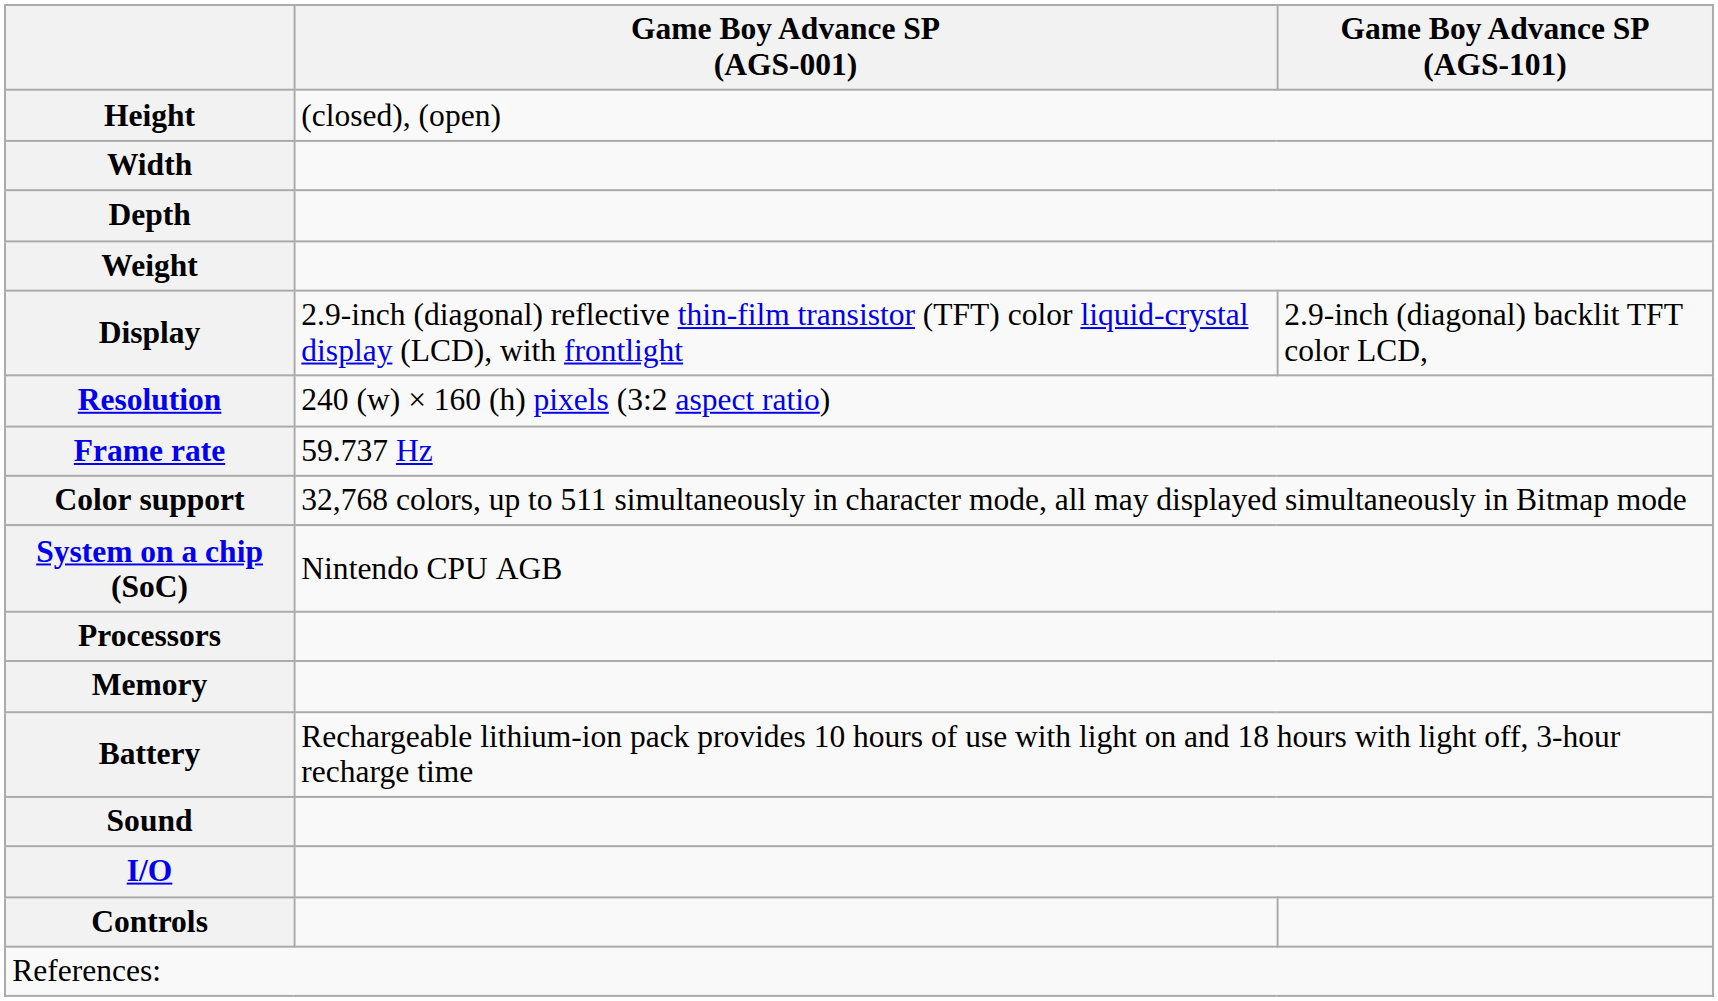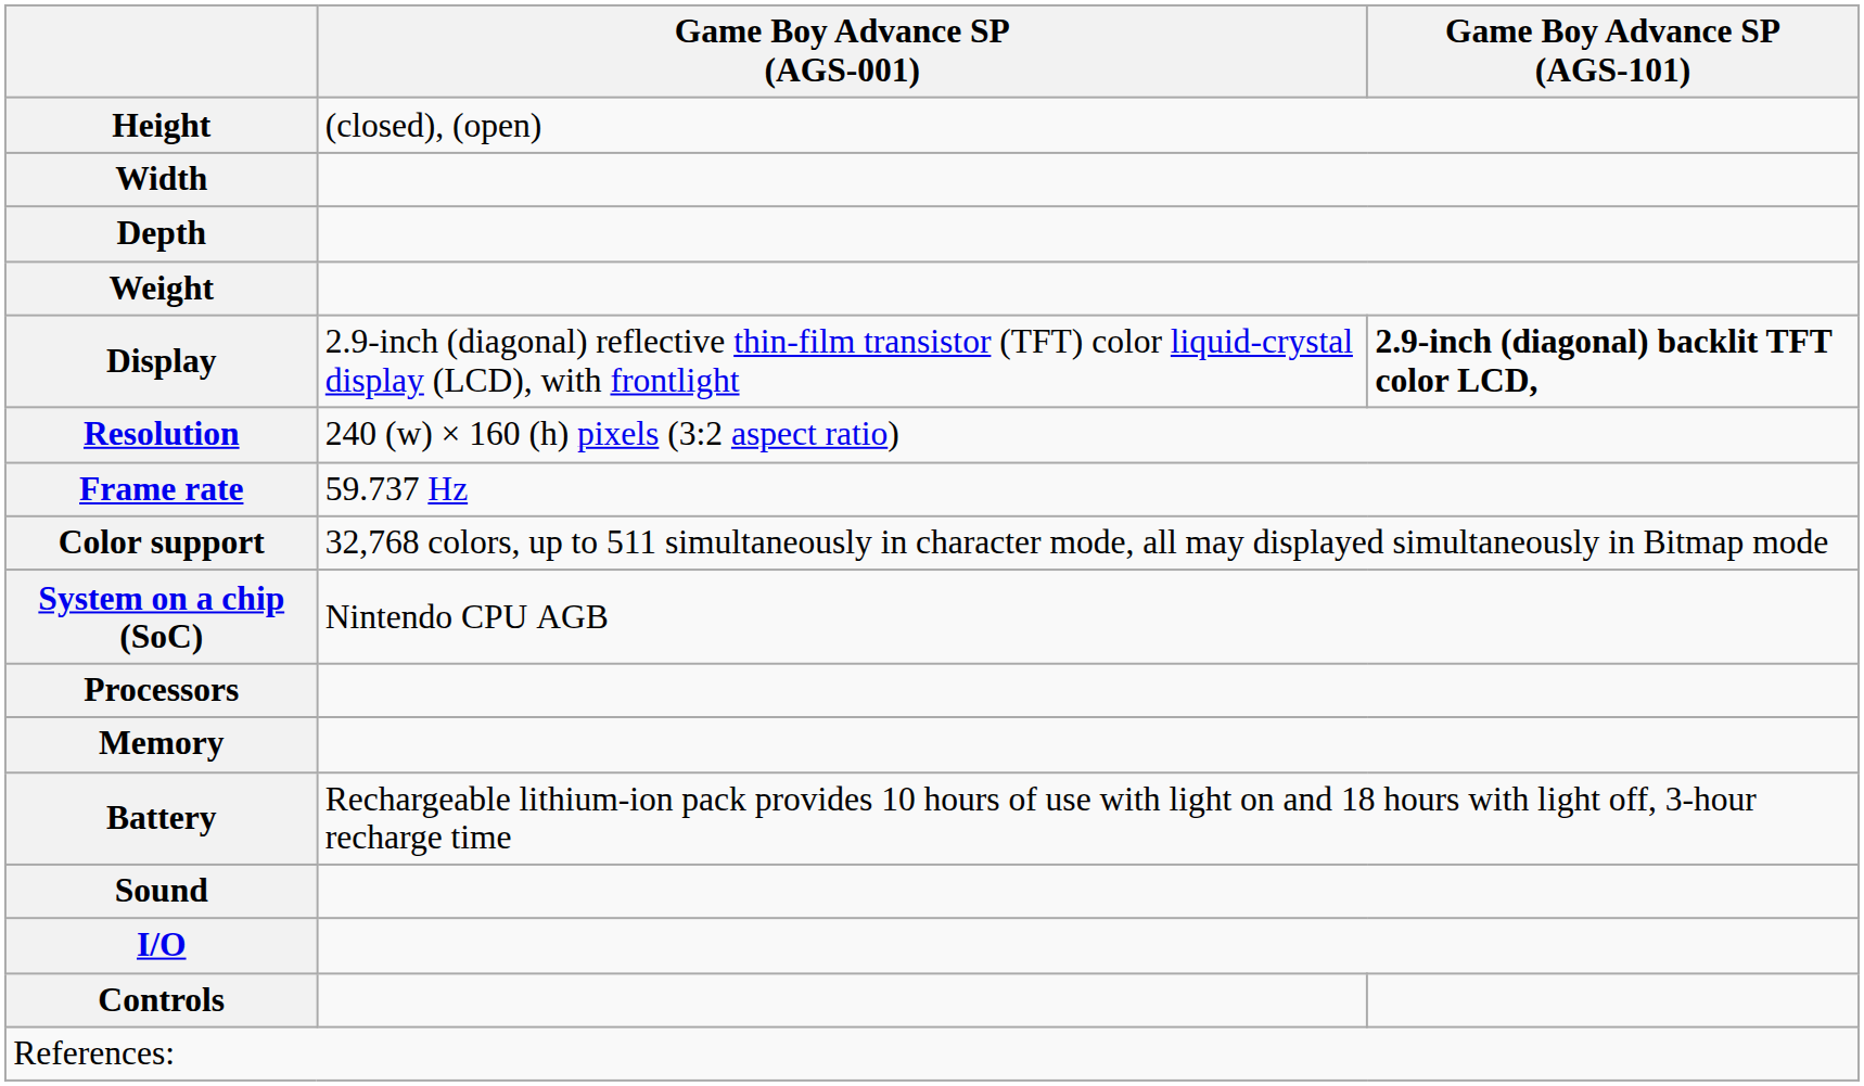 <table class="wikitable">
 <tr>
 <th></th>
 <th>Game Boy Advance SP<br>(AGS-001)</th>
 <th>Game Boy Advance SP<br>(AGS-101)</th>
 </tr>
 <tr>
 <th>Height</th>
 <td colspan="2"> (closed),  (open)</td>
 </tr>
 <tr>
 <th>Width</th>
 <td colspan="2"></td>
 </tr>
 <tr>
 <th>Depth</th>
 <td colspan="2"></td>
 </tr>
 <tr>
 <th>Weight</th>
 <td colspan="2"></td>
 </tr>
 <tr>
 <th>Display</th>
 <td>2.9-inch (diagonal) reflective <a href='#'>thin-film transistor</a> (TFT) color <a href='#'>liquid-crystal display</a> (LCD),  with <a href='#'>frontlight</a></td>
-<td>2.9-inch (diagonal) backlit TFT color LCD, </td>
+<td><strong>2.9-inch (diagonal) backlit TFT color LCD, </strong></td>
 </tr>
 <tr>
 <th><a href='#'>Resolution</a></th>
 <td colspan="2">240 (w) × 160 (h) <a href='#'>pixels</a> (3:2 <a href='#'>aspect ratio</a>)</td>
 </tr>
 <tr>
 <th><a href='#'>Frame rate</a></th>
 <td colspan="2">59.737 <a href='#'>Hz</a></td>
 </tr>
 <tr>
 <th>Color support</th>
 <td colspan="2">32,768 colors, up to 511 simultaneously in character mode, all may displayed simultaneously in Bitmap mode</td>
 </tr>
 <tr>
 <th><a href='#'>System on a chip</a> (SoC)</th>
 <td colspan="2">Nintendo CPU AGB</td>
 </tr>
 <tr>
 <th>Processors</th>
 <td colspan="2"></td>
 </tr>
 <tr>
 <th>Memory</th>
 <td colspan="2"></td>
 </tr>
 <tr>
 <th>Battery</th>
 <td colspan="2">Rechargeable lithium-ion pack provides 10 hours of use with light on and 18 hours with light off, 3-hour recharge time</td>
 </tr>
 <tr>
 <th>Sound</th>
 <td colspan="2"></td>
 </tr>
 <tr>
 <th><a href='#'>I/O</a></th>
 <td colspan="2"></td>
 </tr>
 <tr>
 <th>Controls</th>
 <td></td>
 <td></td>
 </tr>
 <tr>
 <td colspan="3">References: </td>
 </tr>
 </table>
